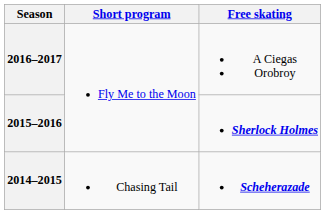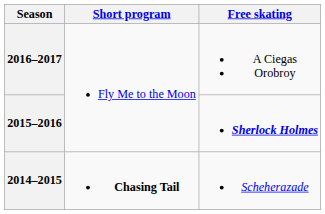 <table class=wikitable style=text-align:center>
 <tr>
 <th>Season</th>
 <th><a href='#'>Short program</a></th>
 <th><a href='#'>Free skating</a></th>
 </tr>
 <tr>
 <th>2016–2017<br></th>
 <td rowspan=2><br><ul><li><a href='#'>Fly Me to the Moon</a><br></li></ul></td>
 <td><br><ul><li>A Ciegas<br></li><li>Orobroy<br></li></ul></td>
 </tr>
 <tr>
 <th>2015–2016<br></th>
 <td><strong><br><ul><li><em><a href='#'>Sherlock Holmes</a></em><br></li></ul></strong></td>
 </tr>
 <tr>
 <th>2014–2015<br></th>
-<td><br><ul><li>Chasing Tail<br></li></ul></td>
-<td><strong><br><ul><li><em><a href='#'>Scheherazade</a></em><br></li></ul></strong></td>
+<td><strong><br><ul><li>Chasing Tail<br></li></ul></strong></td>
+<td><br><ul><li><em><a href='#'>Scheherazade</a></em><br></li></ul></td>
 </tr>
 </table>
